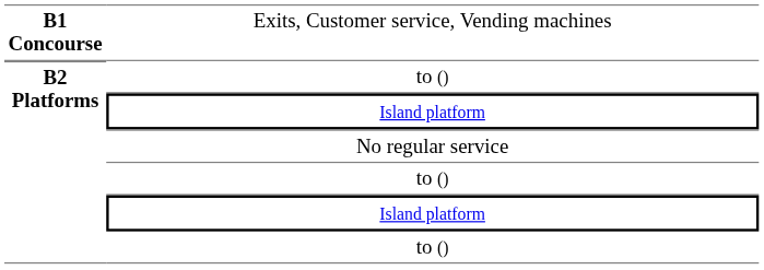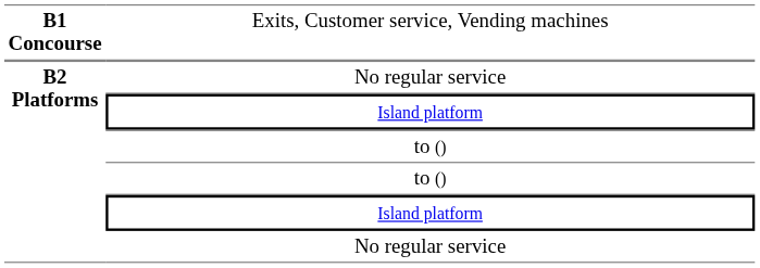 <table table border=0 cellspacing=0 cellpadding=3>
 <tr>
 <td style="border-bottom:solid 1px gray; border-top:solid 1px gray;text-align:center" valign=top width=50><strong>B1<br>Concourse</strong></td>
 <td style="border-bottom:solid 1px gray; border-top:solid 1px gray;text-align:center;" valign=top width=500>Exits, Customer service, Vending machines</td>
 </tr>
 <tr>
 <td style="border-bottom:solid 1px gray; border-top:solid 1px gray;text-align:center" rowspan="6" valign=top><strong>B2<br>Platforms</strong></td>
-<td style="border-bottom:solid 1px gray;text-align:center;"> to  <small>()</small> </td>
+<td style="border-bottom:solid 1px gray; border-top:solid 1px gray;text-align:center;">No regular service</td>
 </tr>
 <tr>
 <td style="border-right:solid 2px black;border-left:solid 2px black;border-top:solid 2px black;border-bottom:solid 2px black;text-align:center;" colspan=2><small><a href='#'>Island platform</a></small></td>
 </tr>
 <tr>
-<td style="border-bottom:solid 1px gray; border-top:solid 1px gray;text-align:center;">No regular service</td>
+<td style="border-bottom:solid 1px gray; border-top:solid 1px gray;text-align:center;">  to  <small>()</small></td>
 </tr>
 <tr>
 <td style="border-bottom:solid 1px gray;text-align:center;"> to  <small>()</small> </td>
 </tr>
 <tr>
 <td style="border-right:solid 2px black;border-left:solid 2px black;border-top:solid 2px black;border-bottom:solid 2px black;text-align:center;" colspan=2><small><a href='#'>Island platform</a></small></td>
 </tr>
 <tr>
-<td style="border-bottom:solid 1px gray;text-align:center;"> to  <small>()</small> </td>
+<td style="border-bottom:solid 1px gray;text-align:center;">No regular service</td>
 </tr>
 </table>
